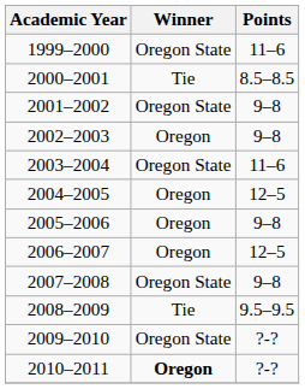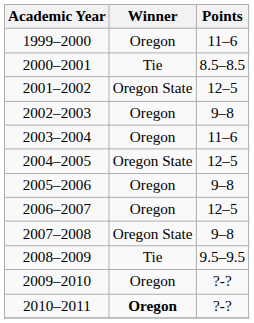 <table class="wikitable" style="text-align: center">
 <tr>
 <th>Academic Year</th>
 <th>Winner</th>
 <th>Points</th>
 </tr>
 <tr align=center>
 <td>1999–2000</td>
-<td>Oregon State</td>
+<td>Oregon</td>
 <td>11–6</td>
 </tr>
 <tr>
 <td>2000–2001</td>
 <td>Tie</td>
 <td>8.5–8.5</td>
 </tr>
 <tr align=center>
 <td>2001–2002</td>
 <td>Oregon State</td>
-<td>9–8</td>
+<td>12–5</td>
 </tr>
 <tr align=center>
 <td>2002–2003</td>
 <td>Oregon</td>
 <td>9–8</td>
 </tr>
 <tr align=center>
 <td>2003–2004</td>
-<td>Oregon State</td>
+<td>Oregon</td>
 <td>11–6</td>
 </tr>
 <tr align=center>
 <td>2004–2005</td>
-<td>Oregon</td>
+<td>Oregon State</td>
 <td>12–5</td>
 </tr>
 <tr align=center>
 <td>2005–2006</td>
 <td>Oregon</td>
 <td>9–8</td>
 </tr>
 <tr align=center>
 <td>2006–2007</td>
 <td>Oregon</td>
 <td>12–5</td>
 </tr>
 <tr align=center>
 <td>2007–2008</td>
 <td>Oregon State</td>
 <td>9–8</td>
 </tr>
 <tr>
 <td>2008–2009</td>
 <td>Tie</td>
 <td>9.5–9.5</td>
 </tr>
 <tr align=center>
 <td>2009–2010</td>
-<td>Oregon State</td>
+<td>Oregon</td>
 <td>?-?</td>
 </tr>
 <tr align=center>
 <td>2010–2011</td>
 <td><strong>Oregon</strong></td>
 <td>?-?</td>
 </tr>
 <tr>
 </tr>
 </table>
